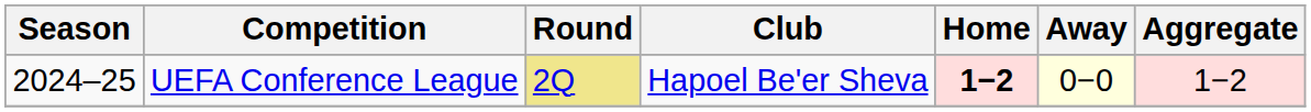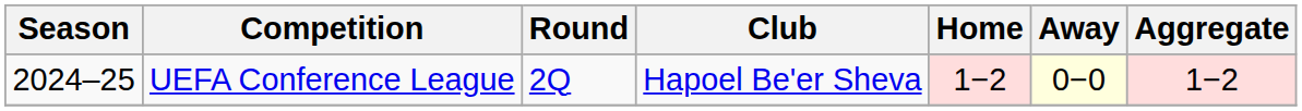 <table class="wikitable" style="text-align:left">
 <tr>
 <th>Season</th>
 <th>Competition</th>
 <th>Round</th>
 <th>Club</th>
 <th>Home</th>
 <th>Away</th>
 <th>Aggregate</th>
 </tr>
 <tr>
 <td rowspan="1">2024–25</td>
 <td rowspan="1"><a href='#'>UEFA Conference League</a></td>
-<td style="background: khaki;"><a href='#'>2Q</a></td>
+<td><a href='#'>2Q</a></td>
 <td> <a href='#'>Hapoel Be'er Sheva</a></td>
-<td bgcolor="ffdddd" style="text-align:center;"><strong>1−2</strong></td>
+<td bgcolor="ffdddd" style="text-align:center;">1−2</td>
 <td bgcolor="ffffdd" style="text-align:center;">0−0</td>
 <td bgcolor="ffdddd" style="text-align:center;">1−2</td>
 </tr>
 <tr>
 </tr>
 </table>
